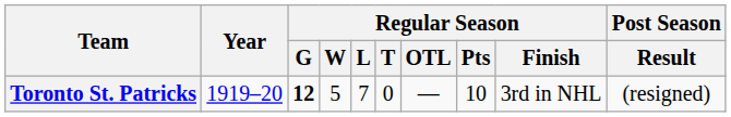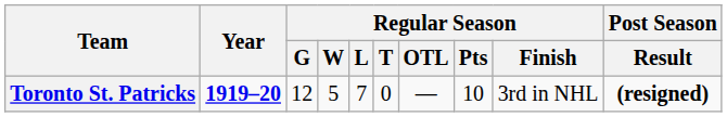 <table class="wikitable" style="font-size: 95%; text-align:center;">
 <tr>
 <th rowspan="2">Team</th>
 <th rowspan="2">Year</th>
 <th colspan="7">Regular Season</th>
 <th colspan="1">Post Season</th>
 </tr>
 <tr>
 <th>G</th>
 <th>W</th>
 <th>L</th>
 <th>T</th>
 <th>OTL</th>
 <th>Pts</th>
 <th>Finish</th>
 <th>Result</th>
 </tr>
 <tr>
 <th><a href='#'>Toronto St. Patricks</a></th>
-<td><a href='#'>1919–20</a></td>
-<td><strong>12</strong></td>
+<td><strong><a href='#'>1919–20</a></strong></td>
+<td>12</td>
 <td>5</td>
 <td>7</td>
 <td>0</td>
 <td>—</td>
 <td>10</td>
 <td>3rd in NHL</td>
-<td>(resigned)</td>
+<td><strong>(resigned)</strong></td>
 </tr>
 </table>
